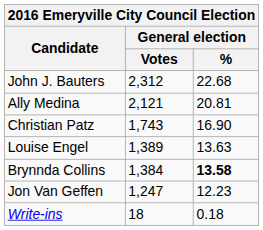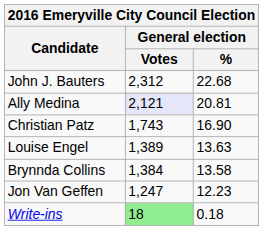 <table class="wikitable">
 <tr>
 <th colspan="3">2016 Emeryville City Council Election</th>
 </tr>
 <tr>
 <th colspan="1" rowspan="2">Candidate</th>
 <th colspan="2">General election </th>
 </tr>
 <tr>
 <th>Votes</th>
 <th>%</th>
 </tr>
 <tr>
 <td>John J. Bauters</td>
 <td>2,312</td>
 <td>22.68</td>
 </tr>
 <tr>
 <td>Ally Medina</td>
-<td>2,121</td>
+<td style="background: lavender;">2,121</td>
 <td>20.81</td>
 </tr>
 <tr>
 <td>Christian Patz</td>
 <td>1,743</td>
 <td>16.90</td>
 </tr>
 <tr>
 <td>Louise Engel</td>
 <td>1,389</td>
 <td>13.63</td>
 </tr>
 <tr>
 <td>Brynnda Collins</td>
 <td>1,384</td>
-<td><strong>13.58</strong></td>
+<td>13.58</td>
 </tr>
 <tr>
 <td>Jon Van Geffen</td>
 <td>1,247</td>
 <td>12.23</td>
 </tr>
 <tr>
 <td><em><a href='#'>Write-ins</a></em></td>
-<td>18</td>
+<td style="background: lightgreen;">18</td>
 <td>0.18</td>
 </tr>
 </table>
